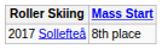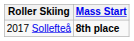 <table class="wikitable">
 <tr>
 <th>Roller Skiing</th>
 <th><a href='#'>Mass Start</a></th>
 </tr>
 <tr>
 <td>2017 <a href='#'>Sollefteå</a></td>
-<td>8th place</td>
+<td><strong>8th place</strong></td>
 </tr>
 </table>
